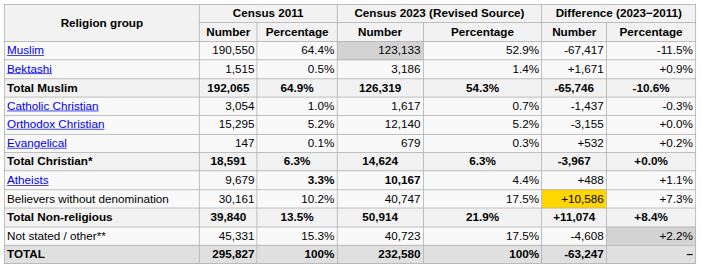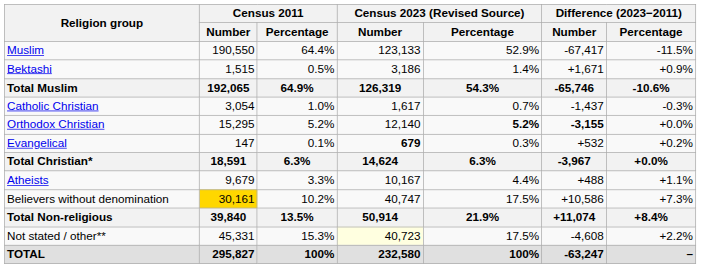 <table class="wikitable" style="text-align:right;width: 75%">
 <tr style="background:#e0e0e0;">
 <th rowspan="2">Religion group</th>
 <th colspan="2">Census 2011</th>
 <th colspan="2">Census 2023 (Revised Source)</th>
 <th colspan="2">Difference (2023−2011)</th>
 </tr>
 <tr style="background:#e0e0e0;">
 <th>Number</th>
 <th>Percentage</th>
 <th>Number</th>
 <th>Percentage</th>
 <th>Number</th>
 <th>Percentage</th>
 </tr>
 <tr>
 <td style="text-align:left;"><a href='#'>Muslim</a></td>
 <td>190,550</td>
 <td>64.4%</td>
-<td style="background: lightgrey;">123,133</td>
+<td>123,133</td>
 <td>52.9%</td>
 <td>-67,417</td>
 <td>-11.5%</td>
 </tr>
 <tr>
 <td style="text-align:left;"><a href='#'>Bektashi</a></td>
 <td>1,515</td>
 <td>0.5%</td>
 <td>3,186</td>
 <td>1.4%</td>
 <td>+1,671</td>
 <td>+0.9%</td>
 </tr>
 <tr>
 <th style="text-align:left;">Total Muslim</th>
 <th>192,065</th>
 <th>64.9%</th>
 <th>126,319</th>
 <th>54.3%</th>
 <th>-65,746</th>
 <th>-10.6%</th>
 </tr>
 <tr>
 <td style="text-align:left;"><a href='#'>Catholic Christian</a></td>
 <td>3,054</td>
 <td>1.0%</td>
 <td>1,617</td>
 <td>0.7%</td>
 <td>-1,437</td>
 <td>-0.3%</td>
 </tr>
 <tr>
 <td style="text-align:left;"><a href='#'>Orthodox Christian</a></td>
 <td>15,295</td>
 <td>5.2%</td>
 <td>12,140</td>
-<td>5.2%</td>
-<td>-3,155</td>
+<td><strong>5.2%</strong></td>
+<td><strong>-3,155</strong></td>
 <td>+0.0%</td>
 </tr>
 <tr>
 <td style="text-align:left;"><a href='#'>Evangelical</a></td>
 <td>147</td>
 <td>0.1%</td>
-<td>679</td>
+<td><strong>679</strong></td>
 <td>0.3%</td>
 <td>+532</td>
 <td>+0.2%</td>
 </tr>
 <tr>
 <th style="text-align:left;">Total Christian*</th>
 <th>18,591</th>
 <th>6.3%</th>
 <th>14,624</th>
 <th>6.3%</th>
 <th>-3,967</th>
 <th>+0.0%</th>
 </tr>
 <tr>
 <td style="text-align:left;"><a href='#'>Atheists</a></td>
 <td>9,679</td>
-<td><strong>3.3%</strong></td>
-<td><strong>10,167</strong></td>
+<td>3.3%</td>
+<td>10,167</td>
 <td>4.4%</td>
 <td>+488</td>
 <td>+1.1%</td>
 </tr>
 <tr>
 <td style="text-align:left;">Believers without denomination</td>
-<td>30,161</td>
+<td style="background: gold;">30,161</td>
 <td>10.2%</td>
 <td>40,747</td>
 <td>17.5%</td>
-<td style="background: gold;">+10,586</td>
+<td>+10,586</td>
 <td>+7.3%</td>
 </tr>
 <tr>
 <th style="text-align:left;">Total Non-religious</th>
 <th>39,840</th>
 <th>13.5%</th>
 <th>50,914</th>
 <th>21.9%</th>
 <th>+11,074</th>
 <th>+8.4%</th>
 </tr>
 <tr>
 <td style="text-align:left;">Not stated / other**</td>
 <td>45,331</td>
 <td>15.3%</td>
-<td>40,723</td>
+<td style="background: lightyellow;">40,723</td>
 <td>17.5%</td>
 <td>-4,608</td>
-<td style="background: lightgrey;">+2.2%</td>
+<td>+2.2%</td>
 </tr>
 <tr style="background:#e0e0e0;">
 <td style="text-align:left;"><strong>TOTAL</strong></td>
 <td><strong>295,827</strong></td>
 <td><strong>100%</strong></td>
 <td><strong>232,580</strong></td>
 <td><strong>100%</strong></td>
 <td><strong>-63,247</strong></td>
 <td><strong>–</strong></td>
 </tr>
 </table>
